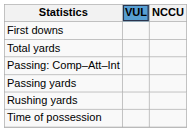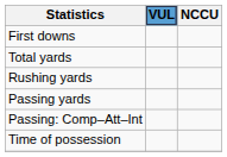 <table class="wikitable" style="float: left;">
 <tr>
 <th>Statistics</th>
 <th style="background-color:#579FD3;color:#000000;box-shadow: inset 2px 2px 0 #2A344E, inset -2px -2px 0 #2A344E">VUL</th>
 <th>NCCU</th>
 </tr>
 <tr>
 <td>First downs</td>
 <td></td>
 <td></td>
 </tr>
 <tr>
 <td>Total yards</td>
 <td></td>
 <td></td>
 </tr>
 <tr>
-<td>Passing: Comp–Att–Int</td>
+<td>Rushing yards</td>
 <td></td>
 <td></td>
 </tr>
 <tr>
 <td>Passing yards</td>
 <td></td>
 <td></td>
 </tr>
 <tr>
-<td>Rushing yards</td>
+<td>Passing: Comp–Att–Int</td>
 <td></td>
 <td></td>
 </tr>
 <tr>
 <td>Time of possession</td>
 <td></td>
 <td></td>
 </tr>
 <tr>
 </tr>
 </table>
